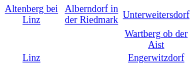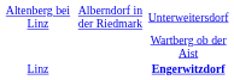 <table border="0" width="50%">
 <tr ---->
 <td width ="33%" align="center"><a href='#'>Altenberg bei Linz</a></td>
 <td width ="33%" align="center"><a href='#'>Alberndorf in der Riedmark</a></td>
 <td width ="33%" align="center"><a href='#'>Unterweitersdorf</a></td>
 </tr>
 <tr ---->
 <td width ="33%" align="center"></td>
 <td width ="33%" align="center"></td>
 <td width ="33%" align="center"><a href='#'>Wartberg ob der Aist</a></td>
 </tr>
 <tr ---->
 <td width ="33%" align="center"><a href='#'>Linz</a></td>
 <td width ="33%" align="center"> </td>
-<td width ="33%" align="center"><a href='#'>Engerwitzdorf</a></td>
+<td width ="33%" align="center"><strong><a href='#'>Engerwitzdorf</a></strong></td>
 </tr>
 </table>
